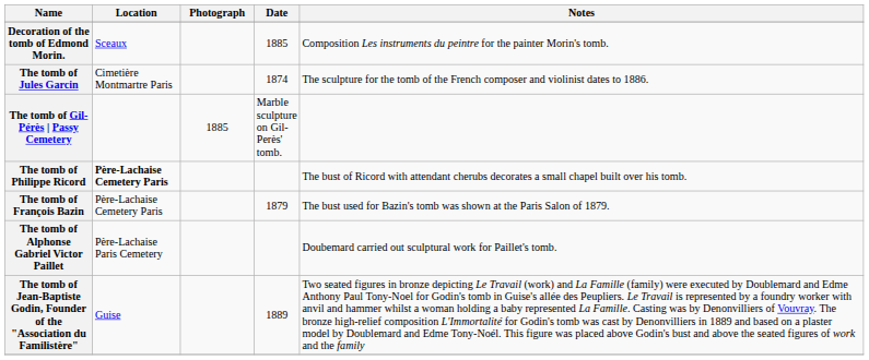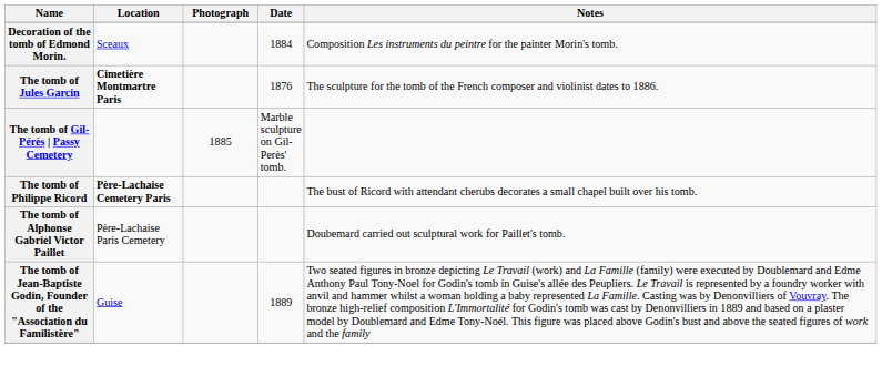 <table class="wikitable sortable plainrowheaders">
 <tr>
 <th scope="col" style="width:120px">Name</th>
 <th scope="col" style="width:120px">Location</th>
 <th scope="col" style="width:100px" class="unsortable">Photograph</th>
 <th scope="col" style="width:50px">Date</th>
 <th scope="col" class="unsortable">Notes</th>
 </tr>
 <tr>
 </tr>
 <tr>
 <th scope="row">Decoration of the tomb of Edmond Morin.</th>
 <td><a href='#'>Sceaux</a><br></td>
 <td></td>
-<td align="center">1885</td>
+<td align="center">1884</td>
 <td>Composition <em>Les instruments du peintre</em> for the painter Morin's tomb.<br></td>
 </tr>
 <tr>
 <th scope="row">The tomb of <a href='#'>Jules Garcin</a></th>
-<td>Cimetière Montmartre Paris<br></td>
+<td><strong>Cimetière Montmartre Paris<br></strong></td>
 <td></td>
-<td align="center">1874</td>
+<td align="center">1876</td>
 <td>The sculpture for the tomb of the French composer and violinist dates to 1886.</td>
 </tr>
 <tr>
 <th scope="row">The tomb of <a href='#'>Gil-Pérès</a> | <a href='#'>Passy Cemetery</a><br></th>
 <td></td>
 <td align="center">1885</td>
 <td>Marble sculpture on Gil-Perès' tomb.</td>
 </tr>
 <tr>
 <th scope="row">The tomb of Philippe Ricord</th>
 <td><strong>Père-Lachaise Cemetery Paris<br></strong></td>
 <td></td>
 <td align="center"></td>
 <td>The bust of Ricord with attendant cherubs decorates a small chapel built over his tomb.<br></td>
-</tr>
-<tr>
-<th scope="row">The tomb of François Bazin</th>
-<td>Père-Lachaise Cemetery Paris<br></td>
-<td></td>
-<td align="center">1879</td>
-<td>The bust used for Bazin's tomb was shown at the Paris Salon of 1879.</td>
 </tr>
 <tr>
 <th scope="row">The tomb of Alphonse Gabriel Victor Paillet</th>
 <td>Père-Lachaise Paris Cemetery</td>
 <td></td>
 <td align="center"></td>
 <td>Doubemard carried out sculptural work for Paillet's tomb.<br></td>
 </tr>
 <tr>
 <th scope="row">The tomb of Jean-Baptiste Godin, Founder of the "Association du Familistère"</th>
 <td><a href='#'>Guise</a></td>
 <td></td>
 <td align="center">1889</td>
 <td>Two seated figures in bronze depicting <em>Le Travail</em> (work) and <em>La Famille</em> (family) were executed by Doublemard and Edme Anthony Paul Tony-Noel for Godin's tomb in Guise's allée des Peupliers. <em>Le Travail</em> is represented by a foundry worker with anvil and hammer whilst a woman holding a baby represented <em>La Famille</em>. Casting was by Denonvilliers of <a href='#'>Vouvray</a>. The bronze high-relief composition <em>L'Immortalité</em> for Godin's tomb was cast by Denonvilliers in 1889 and based on a plaster model by Doublemard and Edme Tony-Noél. This figure was placed above Godin's bust and above the seated figures of <em>work</em> and the <em>family</em><br> </td>
 </tr>
 <tr>
 </tr>
 </table>
